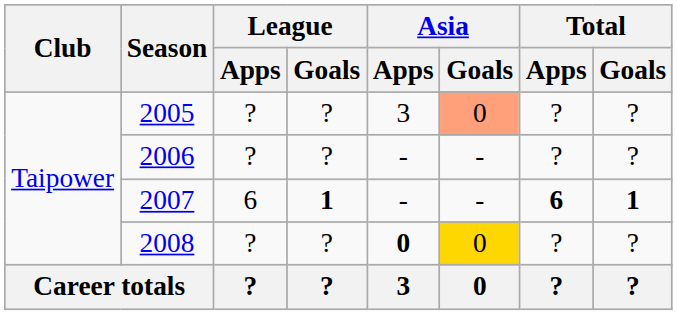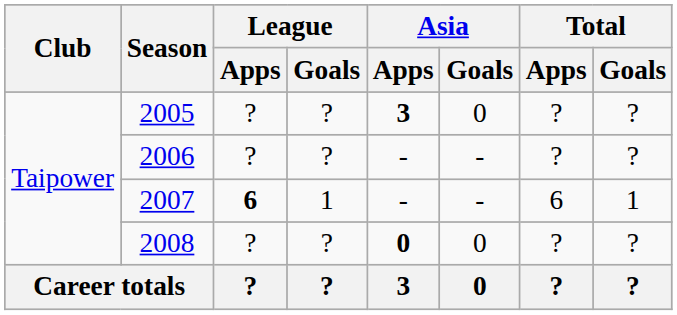 <table class="wikitable" style="text-align: center;">
 <tr>
 <th rowspan="2">Club</th>
 <th rowspan="2">Season</th>
 <th colspan="2">League</th>
 <th colspan="2"><a href='#'>Asia</a></th>
 <th colspan="2">Total</th>
 </tr>
 <tr>
 <th>Apps</th>
 <th>Goals</th>
 <th>Apps</th>
 <th>Goals</th>
 <th>Apps</th>
 <th>Goals</th>
 </tr>
 <tr>
 <td style="text-align: left;" rowspan="4"><a href='#'>Taipower</a></td>
 <td><a href='#'>2005</a></td>
 <td>?</td>
 <td>?</td>
-<td>3</td>
-<td style="background: lightsalmon;">0</td>
+<td><strong>3</strong></td>
+<td>0</td>
 <td>?</td>
 <td>?</td>
 </tr>
 <tr>
 <td><a href='#'>2006</a></td>
 <td>?</td>
 <td>?</td>
 <td>-</td>
 <td>-</td>
 <td>?</td>
 <td>?</td>
 </tr>
 <tr>
 <td><a href='#'>2007</a></td>
-<td>6</td>
-<td><strong>1</strong></td>
+<td><strong>6</strong></td>
+<td>1</td>
 <td>-</td>
 <td>-</td>
-<td><strong>6</strong></td>
-<td><strong>1</strong></td>
+<td>6</td>
+<td>1</td>
 </tr>
 <tr>
 <td><a href='#'>2008</a></td>
 <td>?</td>
 <td>?</td>
 <td><strong>0</strong></td>
-<td style="background: gold;">0</td>
+<td>0</td>
 <td>?</td>
 <td>?</td>
 </tr>
 <tr>
 <th colspan="2">Career totals</th>
 <th>?</th>
 <th>?</th>
 <th>3</th>
 <th>0</th>
 <th>?</th>
 <th>?</th>
 </tr>
 </table>
